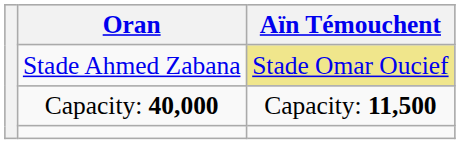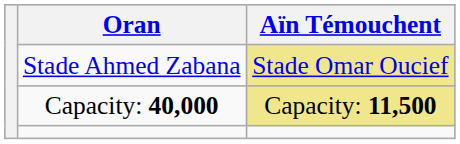 <table class="wikitable" style="margin:1em auto; text-align:center">
 <tr>
 <th rowspan="4" colspan="2"></th>
 <th colspan=><a href='#'>Oran</a></th>
 <th><a href='#'>Aïn Témouchent</a></th>
 </tr>
 <tr>
 <td><a href='#'>Stade Ahmed Zabana</a></td>
 <td style="background: khaki;"><a href='#'>Stade Omar Oucief</a></td>
 </tr>
 <tr>
 <td>Capacity: <strong>40,000</strong></td>
-<td>Capacity: <strong>11,500</strong></td>
+<td style="background: khaki;">Capacity: <strong>11,500</strong></td>
 </tr>
 <tr>
 <td></td>
 <td></td>
 </tr>
 </table>
